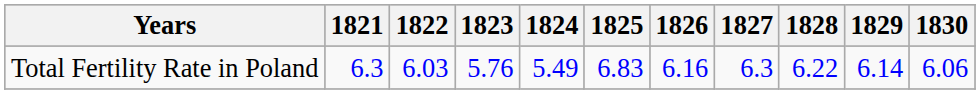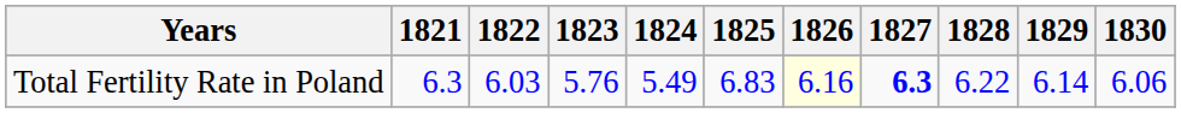 <table class="wikitable " style="text-align:right">
 <tr>
 <th>Years</th>
 <th>1821</th>
 <th>1822</th>
 <th>1823</th>
 <th>1824</th>
 <th>1825</th>
 <th>1826</th>
 <th>1827</th>
 <th>1828</th>
 <th>1829</th>
 <th>1830</th>
 </tr>
 <tr>
 <td align="left">Total Fertility Rate in Poland</td>
 <td style="text-align:right; color:blue;">6.3</td>
 <td style="text-align:right; color:blue;">6.03</td>
 <td style="text-align:right; color:blue;">5.76</td>
 <td style="text-align:right; color:blue;">5.49</td>
 <td style="text-align:right; color:blue;">6.83</td>
-<td style="text-align:right; color:blue;">6.16</td>
-<td style="text-align:right; color:blue;">6.3</td>
+<td style="background: lightyellow; text-align:right; color:blue;">6.16</td>
+<td style="text-align:right; color:blue;"><strong>6.3</strong></td>
 <td style="text-align:right; color:blue;">6.22</td>
 <td style="text-align:right; color:blue;">6.14</td>
 <td style="text-align:right; color:blue;">6.06</td>
 </tr>
 </table>
